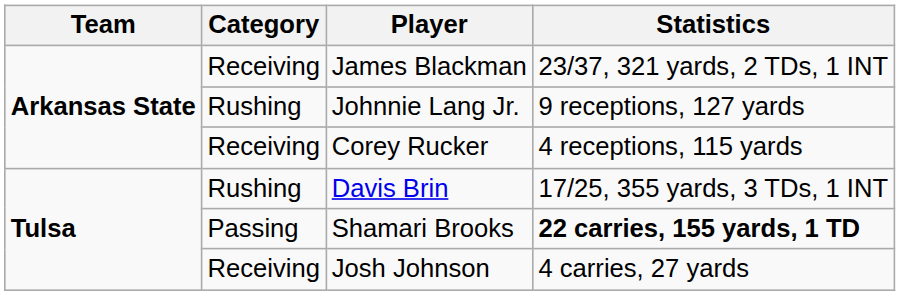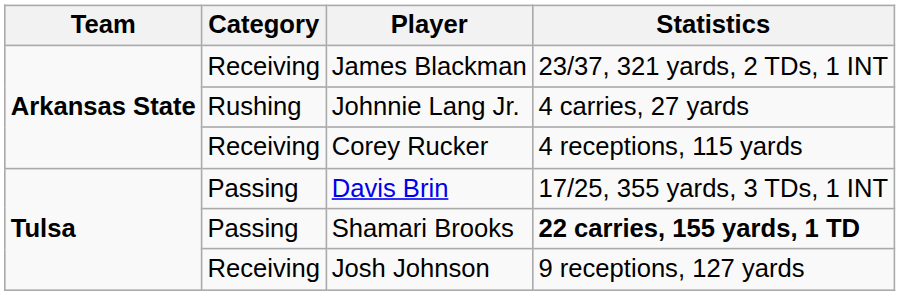 <table class="wikitable" style="float: left;">
 <tr>
 <th>Team</th>
 <th>Category</th>
 <th>Player</th>
 <th>Statistics</th>
 </tr>
 <tr>
 <td rowspan=3><strong>Arkansas State</strong></td>
 <td>Receiving</td>
 <td>James Blackman</td>
 <td>23/37, 321 yards, 2 TDs, 1 INT</td>
 </tr>
 <tr>
 <td>Rushing</td>
 <td>Johnnie Lang Jr.</td>
-<td>9 receptions, 127 yards</td>
+<td>4 carries, 27 yards</td>
 </tr>
 <tr>
 <td>Receiving</td>
 <td>Corey Rucker</td>
 <td>4 receptions, 115 yards</td>
 </tr>
 <tr>
 <td rowspan=3><strong>Tulsa</strong></td>
-<td>Rushing</td>
+<td>Passing</td>
 <td><a href='#'>Davis Brin</a></td>
 <td>17/25, 355 yards, 3 TDs, 1 INT</td>
 </tr>
 <tr>
 <td>Passing</td>
 <td>Shamari Brooks</td>
 <td><strong>22 carries, 155 yards, 1 TD</strong></td>
 </tr>
 <tr>
 <td>Receiving</td>
 <td>Josh Johnson</td>
-<td>4 carries, 27 yards</td>
+<td>9 receptions, 127 yards</td>
 </tr>
 </table>
